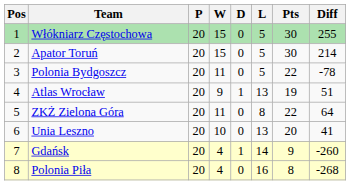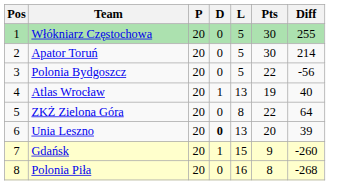 <table class="wikitable" style="font-size: 100%">
 <tr>
 <th width=20>Pos</th>
 <th width=200>Team</th>
 <th width=20>P</th>
-<th width=20>W</th>
 <th width=20>D</th>
 <th width=20>L</th>
 <th width=40>Pts</th>
 <th width=40>Diff</th>
 </tr>
 <tr align=center style="background:#ACE1AF;">
 <td>1</td>
 <td align="left"><a href='#'>Włókniarz Częstochowa</a></td>
 <td>20</td>
-<td>15</td>
 <td>0</td>
 <td>5</td>
 <td>30</td>
 <td>255</td>
 </tr>
 <tr align=center>
 <td>2</td>
 <td align="left"><a href='#'>Apator Toruń</a></td>
 <td>20</td>
-<td>15</td>
 <td>0</td>
 <td>5</td>
 <td>30</td>
 <td>214</td>
 </tr>
 <tr align=center>
 <td>3</td>
 <td align="left"><a href='#'>Polonia Bydgoszcz</a></td>
 <td>20</td>
-<td>11</td>
 <td>0</td>
 <td>5</td>
 <td>22</td>
-<td>-78</td>
+<td>-56</td>
 </tr>
 <tr align=center>
 <td>4</td>
 <td align="left"><a href='#'>Atlas Wrocław</a></td>
 <td>20</td>
-<td>9</td>
 <td>1</td>
 <td>13</td>
 <td>19</td>
-<td>51</td>
+<td>40</td>
 </tr>
 <tr align=center>
 <td>5</td>
 <td align="left"><a href='#'>ZKŻ Zielona Góra</a></td>
 <td>20</td>
-<td>11</td>
 <td>0</td>
 <td>8</td>
 <td>22</td>
 <td>64</td>
 </tr>
 <tr align=center>
 <td>6</td>
 <td align="left"><a href='#'>Unia Leszno</a></td>
 <td>20</td>
-<td>10</td>
-<td>0</td>
+<td><strong>0</strong></td>
 <td>13</td>
 <td>20</td>
-<td>41</td>
+<td>39</td>
 </tr>
 <tr align=center style="background: #ffffcc;">
 <td>7</td>
 <td align="left"><a href='#'>Gdańsk</a></td>
 <td>20</td>
-<td>4</td>
 <td>1</td>
-<td>14</td>
+<td>15</td>
 <td>9</td>
 <td>-260</td>
 </tr>
 <tr align=center style="background: #ffffcc;">
 <td>8</td>
 <td align="left"><a href='#'>Polonia Piła</a></td>
 <td>20</td>
-<td>4</td>
 <td>0</td>
 <td>16</td>
 <td>8</td>
 <td>-268</td>
 </tr>
 </table>
